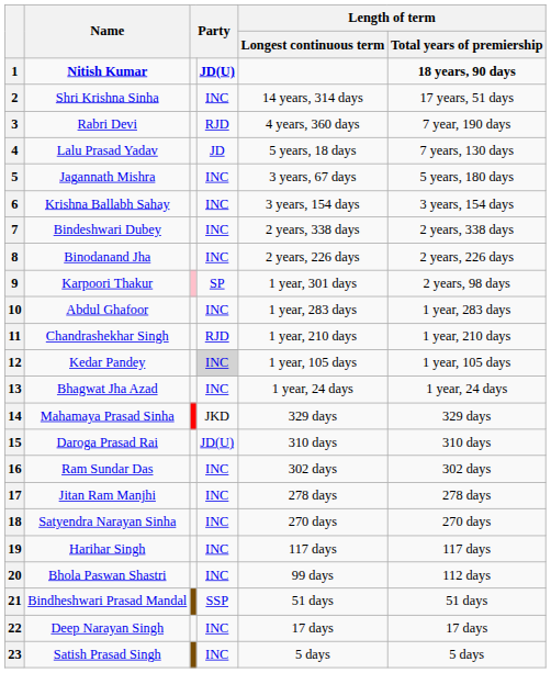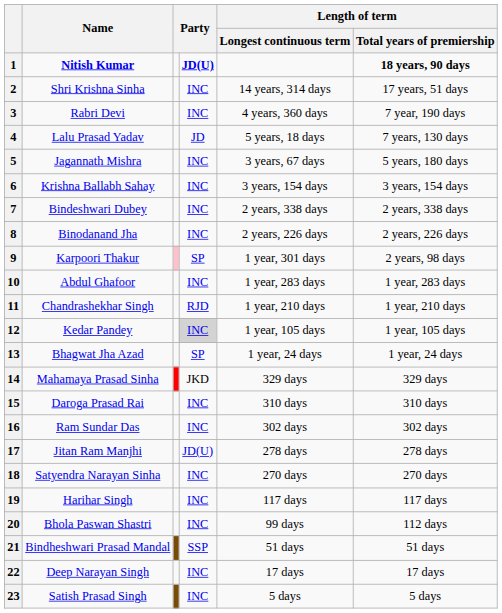 <table class="wikitable sortable" style="line-height:1.5em; text-align:center">
 <tr>
 <th rowspan="2" data-sort-type="number"></th>
 <th rowspan="2">Name</th>
 <th colspan="2" rowspan="2">Party</th>
 <th colspan="2">Length of term</th>
 </tr>
 <tr>
 <th>Longest continuous term</th>
 <th>Total years of premiership</th>
 </tr>
 <tr>
 <th data-sort-value="1">1</th>
 <td><strong><a href='#'>Nitish Kumar</a></strong></td>
 <td style="background-color: "></td>
 <td><strong><a href='#'>JD(U)</a></strong></td>
 <td></td>
 <td><strong>18 years, 90 days</strong></td>
 </tr>
 <tr>
 <th data-sort-value="2">2</th>
 <td><a href='#'>Shri Krishna Sinha</a></td>
 <td style="background-color: "></td>
 <td><a href='#'>INC</a></td>
 <td>14 years, 314 days</td>
 <td>17 years, 51 days</td>
 </tr>
 <tr>
 <th data-sort-value="3">3</th>
 <td><a href='#'>Rabri Devi</a></td>
 <td style="background-color: "></td>
-<td><a href='#'>RJD</a></td>
+<td><a href='#'>INC</a></td>
 <td>4 years, 360 days</td>
 <td>7 year, 190 days</td>
 </tr>
 <tr>
 <th data-sort-value="4">4</th>
 <td><a href='#'>Lalu Prasad Yadav</a></td>
 <td style="background-color: "></td>
 <td><a href='#'>JD</a></td>
 <td>5 years, 18 days</td>
 <td>7 years, 130 days</td>
 </tr>
 <tr>
 <th data-sort-value="5">5</th>
 <td><a href='#'>Jagannath Mishra</a></td>
 <td style="background-color: "></td>
 <td><a href='#'>INC</a></td>
 <td>3 years, 67 days</td>
 <td>5 years, 180 days</td>
 </tr>
 <tr>
 <th data-sort-value="6">6</th>
 <td><a href='#'>Krishna Ballabh Sahay</a></td>
 <td style="background-color: "></td>
 <td><a href='#'>INC</a></td>
 <td>3 years, 154 days</td>
 <td>3 years, 154 days</td>
 </tr>
 <tr>
 <th data-sort-value="7">7</th>
 <td><a href='#'>Bindeshwari Dubey</a></td>
 <td style="background-color: "></td>
 <td><a href='#'>INC</a></td>
 <td>2 years, 338 days</td>
 <td>2 years, 338 days</td>
 </tr>
 <tr>
 <th data-sort-value="8">8</th>
 <td><a href='#'>Binodanand Jha</a></td>
 <td style="background-color: "></td>
 <td><a href='#'>INC</a></td>
 <td>2 years, 226 days</td>
 <td>2 years, 226 days</td>
 </tr>
 <tr>
 <th data-sort-value="9">9</th>
 <td><a href='#'>Karpoori Thakur</a></td>
 <td style="background-color: pink"></td>
 <td><a href='#'>SP</a></td>
 <td>1 year, 301 days</td>
 <td>2 years, 98 days</td>
 </tr>
 <tr>
 <th data-sort-value="10">10</th>
 <td><a href='#'>Abdul Ghafoor</a></td>
 <td style="background-color: "></td>
 <td><a href='#'>INC</a></td>
 <td>1 year, 283 days</td>
 <td>1 year, 283 days</td>
 </tr>
 <tr>
 <th data-sort-value="11">11</th>
 <td><a href='#'>Chandrashekhar Singh</a></td>
 <td style="background-color: "></td>
 <td><a href='#'>RJD</a></td>
 <td>1 year, 210 days</td>
 <td>1 year, 210 days</td>
 </tr>
 <tr>
 <th data-sort-value="12">12</th>
 <td><a href='#'>Kedar Pandey</a></td>
 <td style="background-color: "></td>
 <td style="background: lightgrey;"><a href='#'>INC</a></td>
 <td>1 year, 105 days</td>
 <td>1 year, 105 days</td>
 </tr>
 <tr>
 <th data-sort-value="13">13</th>
 <td><a href='#'>Bhagwat Jha Azad</a></td>
 <td style="background-color: "></td>
-<td><a href='#'>INC</a></td>
+<td><a href='#'>SP</a></td>
 <td>1 year, 24 days</td>
 <td>1 year, 24 days</td>
 </tr>
 <tr>
 <th data-sort-value="14">14</th>
 <td><a href='#'>Mahamaya Prasad Sinha</a></td>
 <td style="background-color: red"></td>
 <td>JKD</td>
 <td>329 days</td>
 <td>329 days</td>
 </tr>
 <tr>
 <th data-sort-value="15">15</th>
 <td><a href='#'>Daroga Prasad Rai</a></td>
 <td style="background-color: "></td>
-<td><a href='#'>JD(U)</a></td>
+<td><a href='#'>INC</a></td>
 <td>310 days</td>
 <td>310 days</td>
 </tr>
 <tr>
 <th data-sort-value="16">16</th>
 <td><a href='#'>Ram Sundar Das</a></td>
 <td style="background-color: "></td>
 <td><a href='#'>INC</a></td>
 <td>302 days</td>
 <td>302 days</td>
 </tr>
 <tr>
 <th data-sort-value="17">17</th>
 <td><a href='#'>Jitan Ram Manjhi</a></td>
 <td style="background-color: "></td>
-<td><a href='#'>INC</a></td>
+<td><a href='#'>JD(U)</a></td>
 <td>278 days</td>
 <td>278 days</td>
 </tr>
 <tr>
 <th data-sort-value="18">18</th>
 <td><a href='#'>Satyendra Narayan Sinha</a></td>
 <td style="background-color: "></td>
 <td><a href='#'>INC</a></td>
 <td>270 days</td>
 <td>270 days</td>
 </tr>
 <tr>
 <th data-sort-value="19">19</th>
 <td><a href='#'>Harihar Singh</a></td>
 <td style="background-color: "></td>
 <td><a href='#'>INC</a></td>
 <td>117 days</td>
 <td>117 days</td>
 </tr>
 <tr>
 <th data-sort-value="20">20</th>
 <td><a href='#'>Bhola Paswan Shastri</a></td>
 <td style="background-color: "></td>
 <td><a href='#'>INC</a></td>
 <td>99 days</td>
 <td>112 days</td>
 </tr>
 <tr>
 <th data-sort-value="21">21</th>
 <td><a href='#'>Bindheshwari Prasad Mandal</a></td>
 <td style="background-color: #784C04"></td>
 <td><a href='#'>SSP</a></td>
 <td>51 days</td>
 <td>51 days</td>
 </tr>
 <tr>
 <th data-sort-value="22">22</th>
 <td><a href='#'>Deep Narayan Singh</a></td>
 <td style="background-color: "></td>
 <td><a href='#'>INC</a></td>
 <td>17 days</td>
 <td>17 days</td>
 </tr>
 <tr>
 <th data-sort-value="23">23</th>
 <td><a href='#'>Satish Prasad Singh</a></td>
 <td style="background-color: #784C04"></td>
 <td><a href='#'>INC</a></td>
 <td>5 days</td>
 <td>5 days</td>
 </tr>
 </table>
